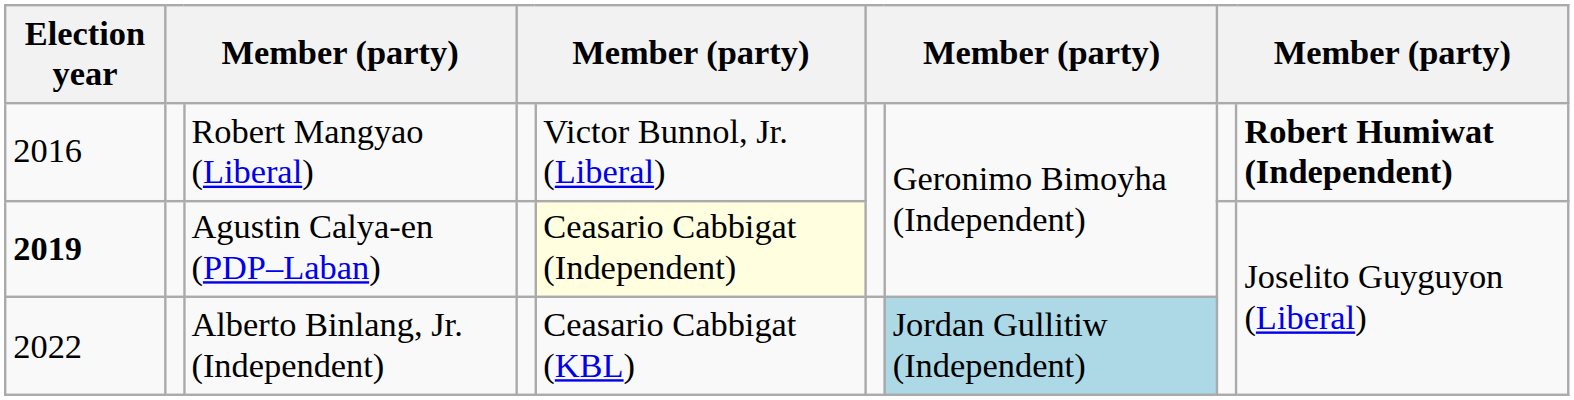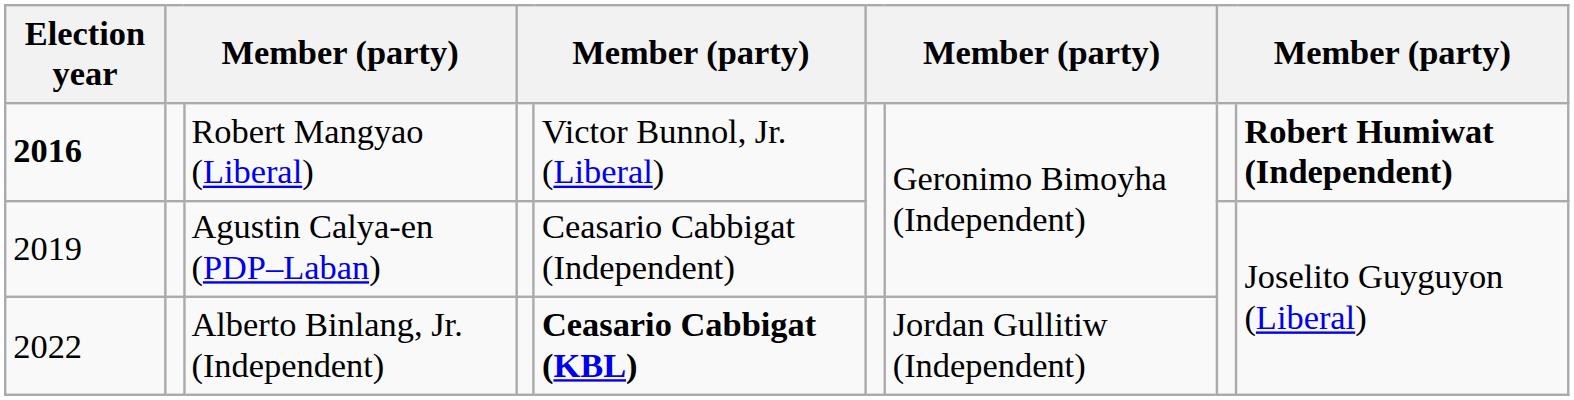 <table class=wikitable style="font-size:90%">
 <tr>
 <th width=60px>Election<br>year</th>
 <th colspan=2 width=140px>Member (party)</th>
 <th colspan=2 width=140px>Member (party)</th>
 <th colspan=2 width=140px>Member (party)</th>
 <th colspan=2 width=140px>Member (party)</th>
 </tr>
 <tr>
-<td>2016</td>
+<td><strong>2016</strong></td>
 <td bgcolor=></td>
 <td>Robert Mangyao<br>(<a href='#'>Liberal</a>)</td>
 <td bgcolor=></td>
 <td>Victor Bunnol, Jr.<br>(<a href='#'>Liberal</a>)</td>
 <td rowspan=2 bgcolor=></td>
 <td rowspan=2>Geronimo Bimoyha<br>(Independent)</td>
 <td bgcolor=></td>
 <td><strong>Robert Humiwat<br>(Independent)</strong></td>
 </tr>
 <tr>
-<td><strong>2019</strong></td>
+<td>2019</td>
 <td bgcolor=></td>
 <td>Agustin Calya-en<br>(<a href='#'>PDP–Laban</a>)</td>
 <td bgcolor=></td>
-<td style="background: lightyellow;">Ceasario Cabbigat<br>(Independent)</td>
+<td>Ceasario Cabbigat<br>(Independent)</td>
 <td rowspan=2 bgcolor=></td>
 <td rowspan=2>Joselito Guyguyon<br>(<a href='#'>Liberal</a>)</td>
 </tr>
 <tr>
 <td>2022</td>
 <td bgcolor=></td>
 <td>Alberto Binlang, Jr.<br>(Independent)</td>
 <td bgcolor=></td>
-<td>Ceasario Cabbigat<br>(<a href='#'>KBL</a>)</td>
+<td><strong>Ceasario Cabbigat<br>(<a href='#'>KBL</a>)</strong></td>
 <td bgcolor=></td>
-<td style="background: lightblue;">Jordan Gullitiw<br>(Independent)</td>
+<td>Jordan Gullitiw<br>(Independent)</td>
 </tr>
 </table>
